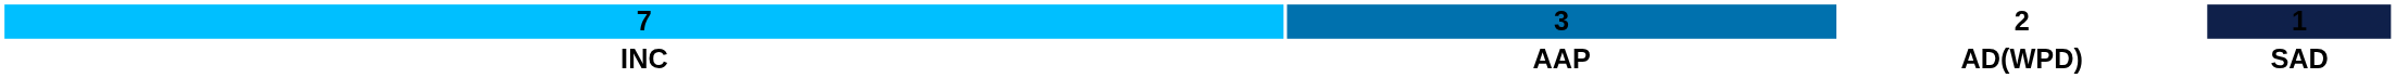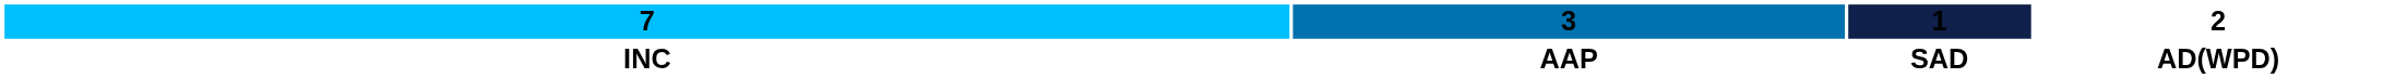 <table style="width:88%; text-align:center;">
 <tr>
 <td style="background:DeepSkyBlue; width:53.85%;"><strong>7</strong></td>
 <td style="background:#0071AE; width:23.08%;"><strong>3</strong></td>
+<td style="background:#0F204A; width:7.69%;"><strong><span>1</span></strong></td>
 <td style="background:"><strong>2</strong></td>
-<td style="background:#0F204A; width:7.69%;"><strong><span>1</span></strong></td>
 </tr>
 <tr>
 <td><span><strong>INC</strong></span></td>
 <td><span><strong>AAP</strong></span></td>
+<td><span><strong>SAD</strong></span></td>
 <td><span><strong>AD(WPD)</strong></span></td>
-<td><span><strong>SAD</strong></span></td>
 </tr>
 </table>
